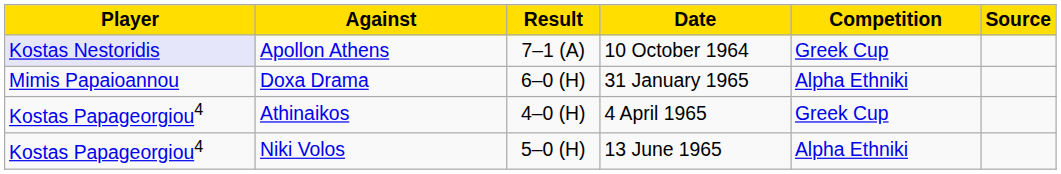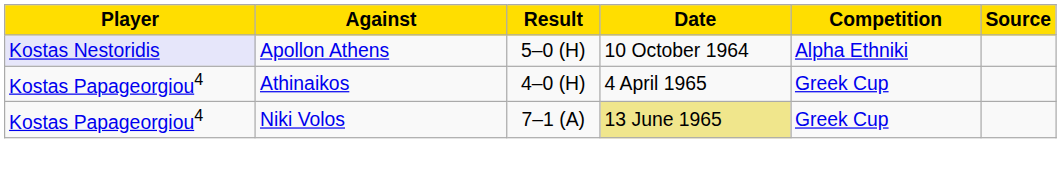 <table class="wikitable">
 <tr>
 <th width=200 style="background:#FFDE00">Player</th>
 <th width=200 style="background:#FFDE00">Against</th>
 <th width=70 style="background:#FFDE00">Result</th>
 <th width=150 style="background:#FFDE00">Date</th>
 <th width=150 style="background:#FFDE00">Competition</th>
 <th style="background:#FFDE00">Source</th>
 </tr>
 <tr>
 <td style="background: lavender;"> <a href='#'>Kostas Nestoridis</a></td>
 <td> <a href='#'>Apollon Athens</a></td>
-<td align=center>7–1 (A)</td>
+<td align=center>5–0 (H)</td>
 <td>10 October 1964</td>
-<td><a href='#'>Greek Cup</a></td>
-<td align=center></td>
-</tr>
-<tr>
-<td> <a href='#'>Mimis Papaioannou</a></td>
-<td> <a href='#'>Doxa Drama</a></td>
-<td align=center>6–0 (H)</td>
-<td>31 January 1965</td>
 <td><a href='#'>Alpha Ethniki</a></td>
 <td align=center></td>
 </tr>
 <tr>
 <td> <a href='#'>Kostas Papageorgiou</a><sup>4</sup></td>
 <td> <a href='#'>Athinaikos</a></td>
 <td align=center>4–0 (H)</td>
 <td>4 April 1965</td>
 <td><a href='#'>Greek Cup</a></td>
 <td align=center></td>
 </tr>
 <tr>
 <td> <a href='#'>Kostas Papageorgiou</a><sup>4</sup></td>
 <td> <a href='#'>Niki Volos</a></td>
-<td align=center>5–0 (H)</td>
-<td>13 June 1965</td>
-<td><a href='#'>Alpha Ethniki</a></td>
+<td align=center>7–1 (A)</td>
+<td style="background: khaki;">13 June 1965</td>
+<td><a href='#'>Greek Cup</a></td>
 <td align=center></td>
 </tr>
 </table>
